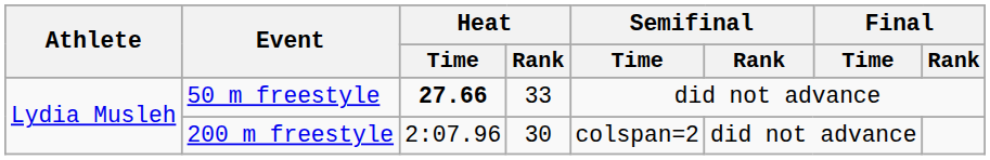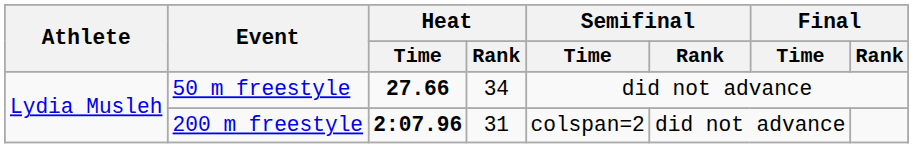 <table class=wikitable style="font-size:90%">
 <tr>
 <th rowspan=2>Athlete</th>
 <th rowspan=2>Event</th>
 <th colspan="2">Heat</th>
 <th colspan="2">Semifinal</th>
 <th colspan="2">Final</th>
 </tr>
 <tr style="font-size:95%">
 <th>Time</th>
 <th>Rank</th>
 <th>Time</th>
 <th>Rank</th>
 <th>Time</th>
 <th>Rank</th>
 </tr>
 <tr align=center>
 <td align=left rowspan=2><a href='#'>Lydia Musleh</a></td>
 <td align=left><a href='#'>50 m freestyle</a></td>
 <td><strong>27.66</strong></td>
-<td>33</td>
+<td>34</td>
 <td colspan=4>did not advance</td>
 </tr>
 <tr align=center>
 <td align=left><a href='#'>200 m freestyle</a></td>
-<td>2:07.96</td>
-<td>30</td>
+<td><strong>2:07.96</strong></td>
+<td>31</td>
 <td>colspan=2 </td>
 <td colspan=2>did not advance</td>
 </tr>
 </table>
